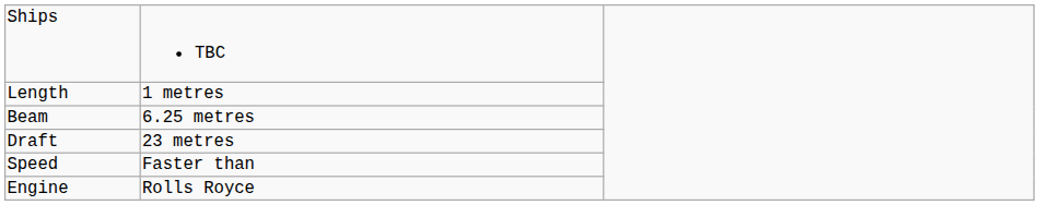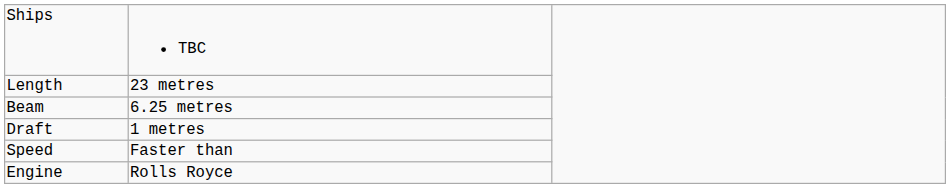 <table align="left" border="1" style="background: #F9F9F9; border: 1px solid #AAA; border-collapse: collapse">
 <tr>
 <td valign="top" width="100">Ships</td>
 <td valign="top" width="350"><br><ul><li>TBC</li></ul></td>
 <td rowspan="6" width="325"></td>
 </tr>
 <tr>
 <td valign="top" width="100">Length</td>
-<td valign="top" width="350">1 metres</td>
+<td valign="top" width="350">23 metres</td>
 </tr>
 <tr>
 <td valign="top" width="100">Beam</td>
 <td valign="top" width="350">6.25 metres</td>
 </tr>
 <tr>
 <td valign="top" width="100">Draft</td>
-<td valign="top" width="350">23 metres</td>
+<td valign="top" width="350">1 metres</td>
 </tr>
 <tr>
 <td valign="top" width="100">Speed</td>
 <td valign="top" width="350">Faster than </td>
 </tr>
 <tr>
 <td valign="top" width="100">Engine</td>
 <td valign="top" width="350">Rolls Royce</td>
 </tr>
 </table>
